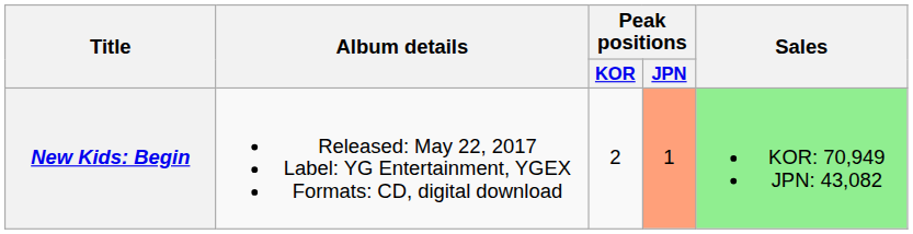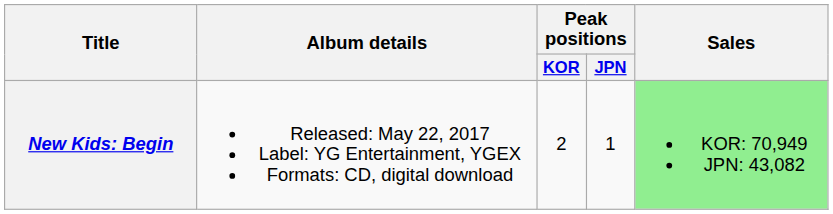 <table class="wikitable plainrowheaders" style="text-align:center;">
 <tr>
 <th scope="col" rowspan="2" style="width:10em;">Title</th>
 <th rowspan="2" style="width:18em;">Album details</th>
 <th scope="col" colspan="2">Peak positions</th>
 <th scope="col" rowspan="2" style="width:10em;">Sales</th>
 </tr>
 <tr>
 <th scope="col" style="width:2.5em;font-size:90%;"><a href='#'>KOR</a><br></th>
 <th scope="col" style="width:2.5em;font-size:90%;"><a href='#'>JPN</a><br></th>
 </tr>
 <tr>
 <th scope="row"><em><a href='#'>New Kids: Begin</a></em></th>
 <td><br><ul><li>Released: May 22, 2017</li><li>Label: YG Entertainment, YGEX</li><li>Formats: CD, digital download</li></ul></td>
 <td>2</td>
-<td style="background: lightsalmon;">1</td>
+<td>1</td>
 <td style="background: lightgreen;"><br><ul><li>KOR: 70,949</li><li>JPN: 43,082</li></ul></td>
 </tr>
 </table>
